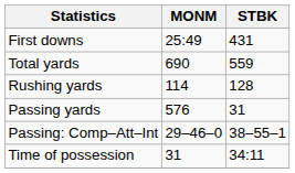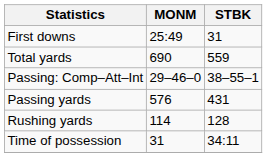 <table class="wikitable" style="float: left;">
 <tr>
 <th>Statistics</th>
 <th>MONM</th>
 <th>STBK</th>
 </tr>
 <tr>
 <td>First downs</td>
 <td>25:49</td>
-<td>431</td>
+<td>31</td>
 </tr>
 <tr>
 <td>Total yards</td>
 <td>690</td>
 <td>559</td>
 </tr>
 <tr>
-<td>Rushing yards</td>
-<td>114</td>
-<td>128</td>
+<td>Passing: Comp–Att–Int</td>
+<td>29–46–0</td>
+<td>38–55–1</td>
 </tr>
 <tr>
 <td>Passing yards</td>
 <td>576</td>
-<td>31</td>
+<td>431</td>
 </tr>
 <tr>
-<td>Passing: Comp–Att–Int</td>
-<td>29–46–0</td>
-<td>38–55–1</td>
+<td>Rushing yards</td>
+<td>114</td>
+<td>128</td>
 </tr>
 <tr>
 <td>Time of possession</td>
 <td>31</td>
 <td>34:11</td>
 </tr>
 <tr>
 </tr>
 </table>
